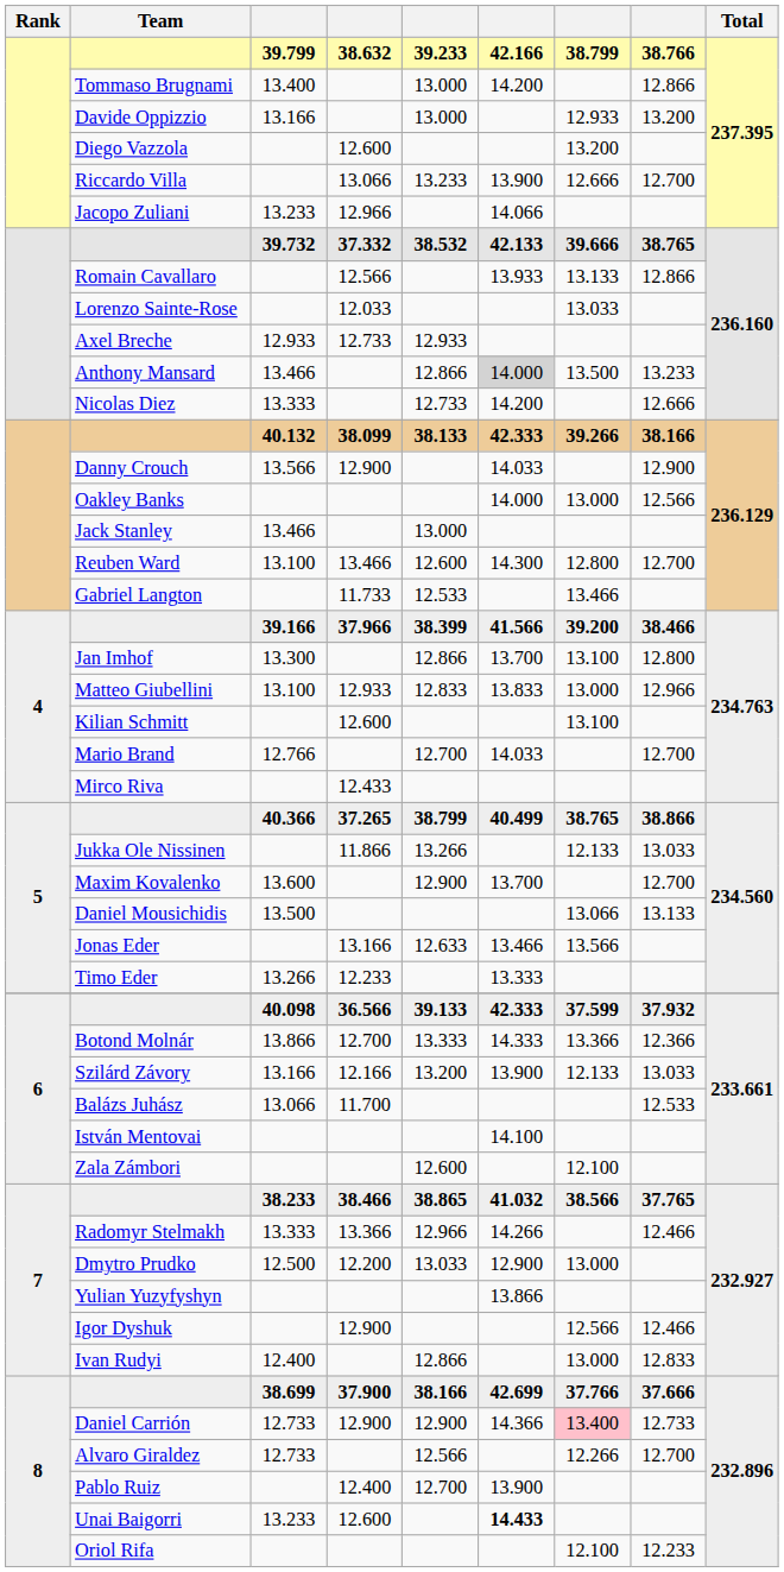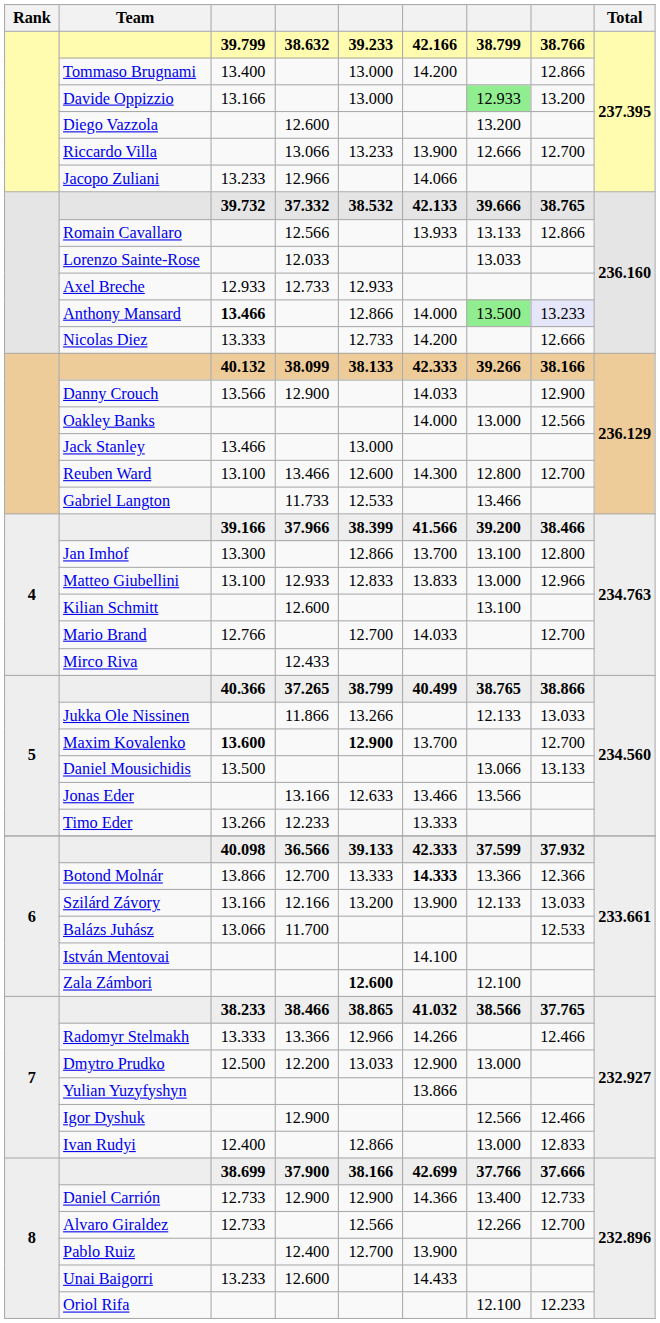 <table style="text-align:center; font-size:95%" class="wikitable sortable">
 <tr>
 <th scope="col" style="width:50px;">Rank</th>
 <th scope="col" style="width:175px;">Team</th>
 <th scope="col" style="width:60px;"></th>
 <th scope="col" style="width:60px;"></th>
 <th scope="col" style="width:60px;"></th>
 <th scope="col" style="width:60px;"></th>
 <th scope="col" style="width:60px;"></th>
 <th scope="col" style="width:60px;"></th>
 <th>Total</th>
 </tr>
 <tr style="background:#fffcaf;">
 <td rowspan="6"><strong></strong></td>
 <td style="text-align:left;"><strong></strong></td>
 <td><strong>39.799</strong></td>
 <td><strong>38.632</strong></td>
 <td><strong>39.233</strong></td>
 <td><strong>42.166</strong></td>
 <td><strong>38.799</strong></td>
 <td><strong>38.766</strong></td>
 <td rowspan="6"><strong>237.395</strong></td>
 </tr>
 <tr>
 <td style="text-align:left;"><a href='#'>Tommaso Brugnami</a></td>
 <td>13.400</td>
 <td></td>
 <td>13.000</td>
 <td>14.200</td>
 <td></td>
 <td>12.866</td>
 </tr>
 <tr>
 <td style="text-align:left;"><a href='#'>Davide Oppizzio</a></td>
 <td>13.166</td>
 <td></td>
 <td>13.000</td>
 <td></td>
-<td>12.933</td>
+<td style="background: lightgreen;">12.933</td>
 <td>13.200</td>
 </tr>
 <tr>
 <td style="text-align:left;"><a href='#'>Diego Vazzola</a></td>
 <td></td>
 <td>12.600</td>
 <td></td>
 <td></td>
 <td>13.200</td>
 <td></td>
 </tr>
 <tr>
 <td style="text-align:left;"><a href='#'>Riccardo Villa</a></td>
 <td></td>
 <td>13.066</td>
 <td>13.233</td>
 <td>13.900</td>
 <td>12.666</td>
 <td>12.700</td>
 </tr>
 <tr>
 <td style="text-align:left;"><a href='#'>Jacopo Zuliani</a></td>
 <td>13.233</td>
 <td>12.966</td>
 <td></td>
 <td>14.066</td>
 <td></td>
 <td></td>
 </tr>
 <tr style="background:#e5e5e5;">
 <td rowspan="6"><strong></strong></td>
 <td style="text-align:left;"><strong></strong></td>
 <td><strong>39.732</strong></td>
 <td><strong>37.332</strong></td>
 <td><strong>38.532</strong></td>
 <td><strong>42.133</strong></td>
 <td><strong>39.666</strong></td>
 <td><strong>38.765</strong></td>
 <td rowspan="6"><strong>236.160</strong></td>
 </tr>
 <tr>
 <td style="text-align:left;"><a href='#'>Romain Cavallaro</a></td>
 <td></td>
 <td>12.566</td>
 <td></td>
 <td>13.933</td>
 <td>13.133</td>
 <td>12.866</td>
 </tr>
 <tr>
 <td style="text-align:left;"><a href='#'>Lorenzo Sainte-Rose</a></td>
 <td></td>
 <td>12.033</td>
 <td></td>
 <td></td>
 <td>13.033</td>
 <td></td>
 </tr>
 <tr>
 <td style="text-align:left;"><a href='#'>Axel Breche</a></td>
 <td>12.933</td>
 <td>12.733</td>
 <td>12.933</td>
 <td></td>
 <td></td>
 <td></td>
 </tr>
 <tr>
 <td style="text-align:left;"><a href='#'>Anthony Mansard</a></td>
-<td>13.466</td>
+<td><strong>13.466</strong></td>
 <td></td>
 <td>12.866</td>
-<td style="background: lightgrey;">14.000</td>
-<td>13.500</td>
-<td>13.233</td>
+<td>14.000</td>
+<td style="background: lightgreen;">13.500</td>
+<td style="background: lavender;">13.233</td>
 </tr>
 <tr>
 <td style="text-align:left;"><a href='#'>Nicolas Diez</a></td>
 <td>13.333</td>
 <td></td>
 <td>12.733</td>
 <td>14.200</td>
 <td></td>
 <td>12.666</td>
 </tr>
 <tr style="background:#ec9;">
 <td rowspan="6"><strong></strong></td>
 <td style="text-align:left;"><strong></strong></td>
 <td><strong>40.132</strong></td>
 <td><strong>38.099</strong></td>
 <td><strong>38.133</strong></td>
 <td><strong>42.333</strong></td>
 <td><strong>39.266</strong></td>
 <td><strong>38.166</strong></td>
 <td rowspan="6"><strong>236.129</strong></td>
 </tr>
 <tr>
 <td style="text-align:left;"><a href='#'>Danny Crouch</a></td>
 <td>13.566</td>
 <td>12.900</td>
 <td></td>
 <td>14.033</td>
 <td></td>
 <td>12.900</td>
 </tr>
 <tr>
 <td style="text-align:left;"><a href='#'>Oakley Banks</a></td>
 <td></td>
 <td></td>
 <td></td>
 <td>14.000</td>
 <td>13.000</td>
 <td>12.566</td>
 </tr>
 <tr>
 <td style="text-align:left;"><a href='#'>Jack Stanley</a></td>
 <td>13.466</td>
 <td></td>
 <td>13.000</td>
 <td></td>
 <td></td>
 <td></td>
 </tr>
 <tr>
 <td style="text-align:left;"><a href='#'>Reuben Ward</a></td>
 <td>13.100</td>
 <td>13.466</td>
 <td>12.600</td>
 <td>14.300</td>
 <td>12.800</td>
 <td>12.700</td>
 </tr>
 <tr>
 <td style="text-align:left;"><a href='#'>Gabriel Langton</a></td>
 <td></td>
 <td>11.733</td>
 <td>12.533</td>
 <td></td>
 <td>13.466</td>
 <td></td>
 </tr>
 <tr style="background:#eee;">
 <td rowspan="6"><strong>4</strong></td>
 <td style="text-align:left;"><strong></strong></td>
 <td><strong>39.166</strong></td>
 <td><strong>37.966</strong></td>
 <td><strong>38.399</strong></td>
 <td><strong>41.566</strong></td>
 <td><strong>39.200</strong></td>
 <td><strong>38.466</strong></td>
 <td rowspan="6"><strong>234.763</strong></td>
 </tr>
 <tr>
 <td style="text-align:left;"><a href='#'>Jan Imhof</a></td>
 <td>13.300</td>
 <td></td>
 <td>12.866</td>
 <td>13.700</td>
 <td>13.100</td>
 <td>12.800</td>
 </tr>
 <tr>
 <td style="text-align:left;"><a href='#'>Matteo Giubellini</a></td>
 <td>13.100</td>
 <td>12.933</td>
 <td>12.833</td>
 <td>13.833</td>
 <td>13.000</td>
 <td>12.966</td>
 </tr>
 <tr>
 <td style="text-align:left;"><a href='#'>Kilian Schmitt</a></td>
 <td></td>
 <td>12.600</td>
 <td></td>
 <td></td>
 <td>13.100</td>
 <td></td>
 </tr>
 <tr>
 <td style="text-align:left;"><a href='#'>Mario Brand</a></td>
 <td>12.766</td>
 <td></td>
 <td>12.700</td>
 <td>14.033</td>
 <td></td>
 <td>12.700</td>
 </tr>
 <tr>
 <td style="text-align:left;"><a href='#'>Mirco Riva</a></td>
 <td></td>
 <td>12.433</td>
 <td></td>
 <td></td>
 <td></td>
 <td></td>
 </tr>
 <tr style="background:#eee;">
 <td rowspan="6"><strong>5</strong></td>
 <td style="text-align:left;"><strong></strong></td>
 <td><strong>40.366</strong></td>
 <td><strong>37.265</strong></td>
 <td><strong>38.799</strong></td>
 <td><strong>40.499</strong></td>
 <td><strong>38.765</strong></td>
 <td><strong>38.866</strong></td>
 <td rowspan="6"><strong>234.560</strong></td>
 </tr>
 <tr>
 <td style="text-align:left;"><a href='#'>Jukka Ole Nissinen</a></td>
 <td></td>
 <td>11.866</td>
 <td>13.266</td>
 <td></td>
 <td>12.133</td>
 <td>13.033</td>
 </tr>
 <tr>
 <td style="text-align:left;"><a href='#'>Maxim Kovalenko</a></td>
-<td>13.600</td>
+<td><strong>13.600</strong></td>
 <td></td>
-<td>12.900</td>
+<td><strong>12.900</strong></td>
 <td>13.700</td>
 <td></td>
 <td>12.700</td>
 </tr>
 <tr>
 <td style="text-align:left;"><a href='#'>Daniel Mousichidis</a></td>
 <td>13.500</td>
 <td></td>
 <td></td>
 <td></td>
 <td>13.066</td>
 <td>13.133</td>
 </tr>
 <tr>
 <td style="text-align:left;"><a href='#'>Jonas Eder</a></td>
 <td></td>
 <td>13.166</td>
 <td>12.633</td>
 <td>13.466</td>
 <td>13.566</td>
 <td></td>
 </tr>
 <tr>
 <td style="text-align:left;"><a href='#'>Timo Eder</a></td>
 <td>13.266</td>
 <td>12.233</td>
 <td></td>
 <td>13.333</td>
 <td></td>
 <td></td>
 </tr>
 <tr>
 </tr>
 <tr style="background:#eee;">
 <td rowspan="6"><strong>6</strong></td>
 <td style="text-align:left;"><strong></strong></td>
 <td><strong>40.098</strong></td>
 <td><strong>36.566</strong></td>
 <td><strong>39.133</strong></td>
 <td><strong>42.333</strong></td>
 <td><strong>37.599</strong></td>
 <td><strong>37.932</strong></td>
 <td rowspan="6"><strong>233.661</strong></td>
 </tr>
 <tr>
 <td style="text-align:left;"><a href='#'>Botond Molnár</a></td>
 <td>13.866</td>
 <td>12.700</td>
 <td>13.333</td>
-<td>14.333</td>
+<td><strong>14.333</strong></td>
 <td>13.366</td>
 <td>12.366</td>
 </tr>
 <tr>
 <td style="text-align:left;"><a href='#'>Szilárd Závory</a></td>
 <td>13.166</td>
 <td>12.166</td>
 <td>13.200</td>
 <td>13.900</td>
 <td>12.133</td>
 <td>13.033</td>
 </tr>
 <tr>
 <td style="text-align:left;"><a href='#'>Balázs Juhász</a></td>
 <td>13.066</td>
 <td>11.700</td>
 <td></td>
 <td></td>
 <td></td>
 <td>12.533</td>
 </tr>
 <tr>
 <td style="text-align:left;"><a href='#'>István Mentovai</a></td>
 <td></td>
 <td></td>
 <td></td>
 <td>14.100</td>
 <td></td>
 <td></td>
 </tr>
 <tr>
 <td style="text-align:left;"><a href='#'>Zala Zámbori</a></td>
 <td></td>
 <td></td>
-<td>12.600</td>
+<td><strong>12.600</strong></td>
 <td></td>
 <td>12.100</td>
 <td></td>
 </tr>
 <tr style="background:#eee;">
 <td rowspan="6"><strong>7</strong></td>
 <td style="text-align:left;"><strong></strong></td>
 <td><strong>38.233</strong></td>
 <td><strong>38.466</strong></td>
 <td><strong>38.865</strong></td>
 <td><strong>41.032</strong></td>
 <td><strong>38.566</strong></td>
 <td><strong>37.765</strong></td>
 <td rowspan="6"><strong>232.927</strong></td>
 </tr>
 <tr>
 <td style="text-align:left;"><a href='#'>Radomyr Stelmakh</a></td>
 <td>13.333</td>
 <td>13.366</td>
 <td>12.966</td>
 <td>14.266</td>
 <td></td>
 <td>12.466</td>
 </tr>
 <tr>
 <td style="text-align:left;"><a href='#'>Dmytro Prudko</a></td>
 <td>12.500</td>
 <td>12.200</td>
 <td>13.033</td>
 <td>12.900</td>
 <td>13.000</td>
 <td></td>
 </tr>
 <tr>
 <td style="text-align:left;"><a href='#'>Yulian Yuzyfyshyn</a></td>
 <td></td>
 <td></td>
 <td></td>
 <td>13.866</td>
 <td></td>
 <td></td>
 </tr>
 <tr>
 <td style="text-align:left;"><a href='#'>Igor Dyshuk</a></td>
 <td></td>
 <td>12.900</td>
 <td></td>
 <td></td>
 <td>12.566</td>
 <td>12.466</td>
 </tr>
 <tr>
 <td style="text-align:left;"><a href='#'>Ivan Rudyi</a></td>
 <td>12.400</td>
 <td></td>
 <td>12.866</td>
 <td></td>
 <td>13.000</td>
 <td>12.833</td>
 </tr>
 <tr style="background:#eee;">
 <td rowspan="6"><strong>8</strong></td>
 <td style="text-align:left;"><strong></strong></td>
 <td><strong>38.699</strong></td>
 <td><strong>37.900</strong></td>
 <td><strong>38.166</strong></td>
 <td><strong>42.699</strong></td>
 <td><strong>37.766</strong></td>
 <td><strong>37.666</strong></td>
 <td rowspan="6"><strong>232.896</strong></td>
 </tr>
 <tr>
 <td style="text-align:left;"><a href='#'>Daniel Carrión</a></td>
 <td>12.733</td>
 <td>12.900</td>
 <td>12.900</td>
 <td>14.366</td>
-<td style="background: pink;">13.400</td>
+<td>13.400</td>
 <td>12.733</td>
 </tr>
 <tr>
 <td style="text-align:left;"><a href='#'>Alvaro Giraldez</a></td>
 <td>12.733</td>
 <td></td>
 <td>12.566</td>
 <td></td>
 <td>12.266</td>
 <td>12.700</td>
 </tr>
 <tr>
 <td style="text-align:left;"><a href='#'>Pablo Ruiz</a></td>
 <td></td>
 <td>12.400</td>
 <td>12.700</td>
 <td>13.900</td>
 <td></td>
 <td></td>
 </tr>
 <tr>
 <td style="text-align:left;"><a href='#'>Unai Baigorri</a></td>
 <td>13.233</td>
 <td>12.600</td>
 <td></td>
-<td><strong>14.433</strong></td>
+<td>14.433</td>
 <td></td>
 <td></td>
 </tr>
 <tr>
 <td style="text-align:left;"><a href='#'>Oriol Rifa</a></td>
 <td></td>
 <td></td>
 <td></td>
 <td></td>
 <td>12.100</td>
 <td>12.233</td>
 </tr>
 </table>
